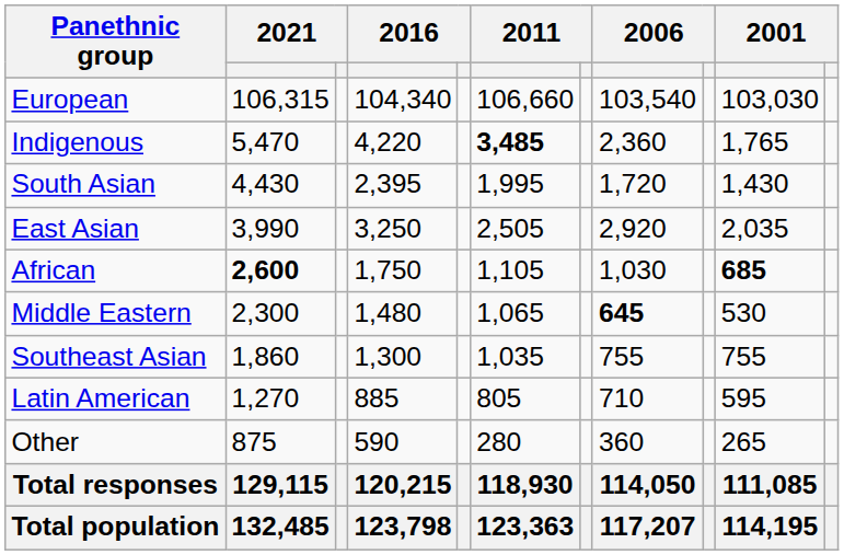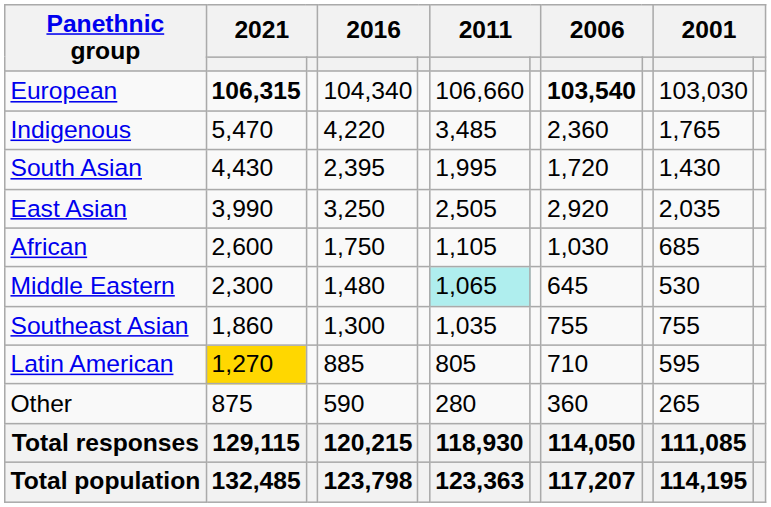 <table class="wikitable collapsible sortable">
 <tr>
 <th rowspan="2"><a href='#'>Panethnic</a><br>group</th>
 <th colspan="2">2021</th>
 <th colspan="2">2016</th>
 <th colspan="2">2011</th>
 <th colspan="2">2006</th>
 <th colspan="2">2001</th>
 </tr>
 <tr>
 <th><a href='#'></a></th>
 <th></th>
 <th></th>
 <th></th>
 <th></th>
 <th></th>
 <th></th>
 <th></th>
 <th></th>
 <th></th>
 </tr>
 <tr>
 <td><a href='#'>European</a></td>
-<td>106,315</td>
+<td><strong>106,315</strong></td>
 <td></td>
 <td>104,340</td>
 <td></td>
 <td>106,660</td>
 <td></td>
-<td>103,540</td>
+<td><strong>103,540</strong></td>
 <td></td>
 <td>103,030</td>
 <td></td>
 </tr>
 <tr>
 <td><a href='#'>Indigenous</a></td>
 <td>5,470</td>
 <td></td>
 <td>4,220</td>
 <td></td>
-<td><strong>3,485</strong></td>
+<td>3,485</td>
 <td></td>
 <td>2,360</td>
 <td></td>
 <td>1,765</td>
 <td></td>
 </tr>
 <tr>
 <td><a href='#'>South Asian</a></td>
 <td>4,430</td>
 <td></td>
 <td>2,395</td>
 <td></td>
 <td>1,995</td>
 <td></td>
 <td>1,720</td>
 <td></td>
 <td>1,430</td>
 <td></td>
 </tr>
 <tr>
 <td><a href='#'>East Asian</a></td>
 <td>3,990</td>
 <td></td>
 <td>3,250</td>
 <td></td>
 <td>2,505</td>
 <td></td>
 <td>2,920</td>
 <td></td>
 <td>2,035</td>
 <td></td>
 </tr>
 <tr>
 <td><a href='#'>African</a></td>
-<td><strong>2,600</strong></td>
+<td>2,600</td>
 <td></td>
 <td>1,750</td>
 <td></td>
 <td>1,105</td>
 <td></td>
 <td>1,030</td>
 <td></td>
-<td><strong>685</strong></td>
+<td>685</td>
 <td></td>
 </tr>
 <tr>
 <td><a href='#'>Middle Eastern</a></td>
 <td>2,300</td>
 <td></td>
 <td>1,480</td>
 <td></td>
-<td>1,065</td>
+<td style="background: paleturquoise;">1,065</td>
 <td></td>
-<td><strong>645</strong></td>
+<td>645</td>
 <td></td>
 <td>530</td>
 <td></td>
 </tr>
 <tr>
 <td><a href='#'>Southeast Asian</a></td>
 <td>1,860</td>
 <td></td>
 <td>1,300</td>
 <td></td>
 <td>1,035</td>
 <td></td>
 <td>755</td>
 <td></td>
 <td>755</td>
 <td></td>
 </tr>
 <tr>
 <td><a href='#'>Latin American</a></td>
-<td>1,270</td>
+<td style="background: gold;">1,270</td>
 <td></td>
 <td>885</td>
 <td></td>
 <td>805</td>
 <td></td>
 <td>710</td>
 <td></td>
 <td>595</td>
 <td></td>
 </tr>
 <tr>
 <td>Other</td>
 <td>875</td>
 <td></td>
 <td>590</td>
 <td></td>
 <td>280</td>
 <td></td>
 <td>360</td>
 <td></td>
 <td>265</td>
 <td></td>
 </tr>
 <tr>
 <th>Total responses</th>
 <th>129,115</th>
 <th></th>
 <th>120,215</th>
 <th></th>
 <th>118,930</th>
 <th></th>
 <th>114,050</th>
 <th></th>
 <th>111,085</th>
 <th></th>
 </tr>
 <tr>
 <th>Total population</th>
 <th>132,485</th>
 <th></th>
 <th>123,798</th>
 <th></th>
 <th>123,363</th>
 <th></th>
 <th>117,207</th>
 <th></th>
 <th>114,195</th>
 <th></th>
 </tr>
 </table>
